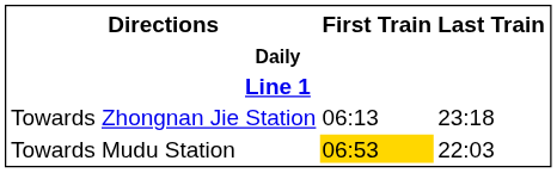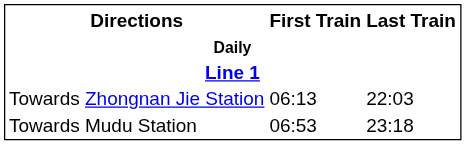 <table style="text-align:centre; font-size:95%; border:1px solid black">
 <tr>
 <th>Directions</th>
 <th>First Train</th>
 <th>Last Train</th>
 </tr>
 <tr>
 <th colspan="5" style="text-align:center"><small>Daily</small></th>
 </tr>
 <tr>
 <th colspan="8" style="background-color:#"><a href='#'>Line 1</a></th>
 </tr>
 <tr>
 <td>Towards <a href='#'>Zhongnan Jie Station</a></td>
 <td>06:13</td>
-<td>23:18</td>
+<td>22:03</td>
 </tr>
 <tr>
 <td>Towards Mudu Station</td>
-<td style="background: gold;">06:53</td>
-<td>22:03</td>
+<td>06:53</td>
+<td>23:18</td>
 </tr>
 </table>
